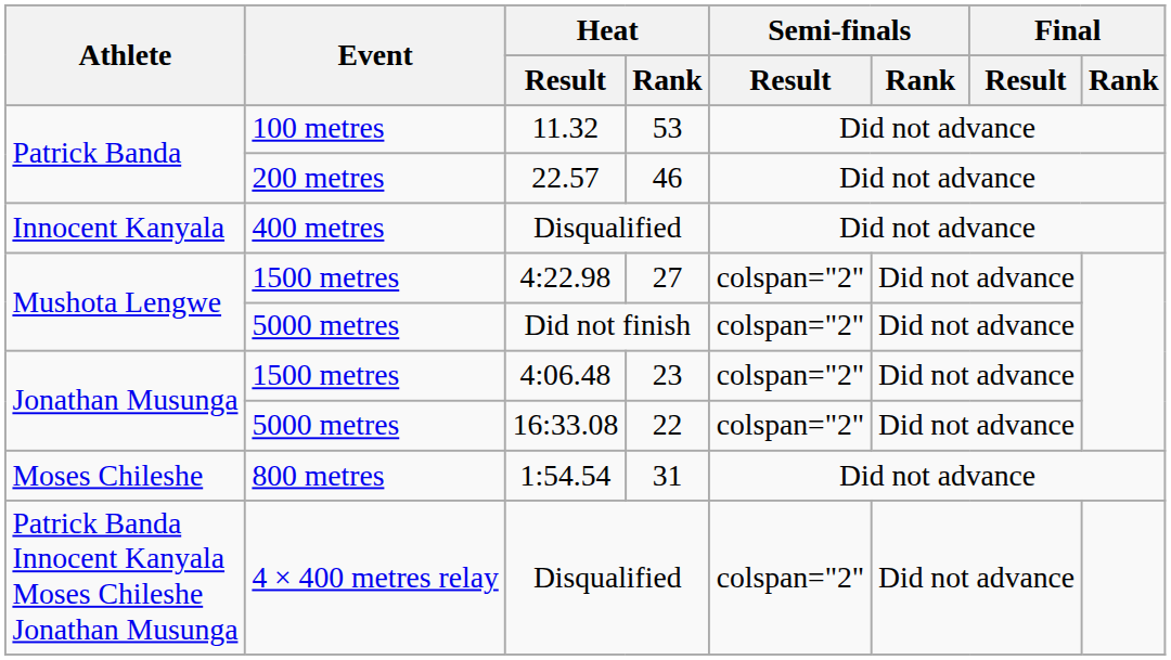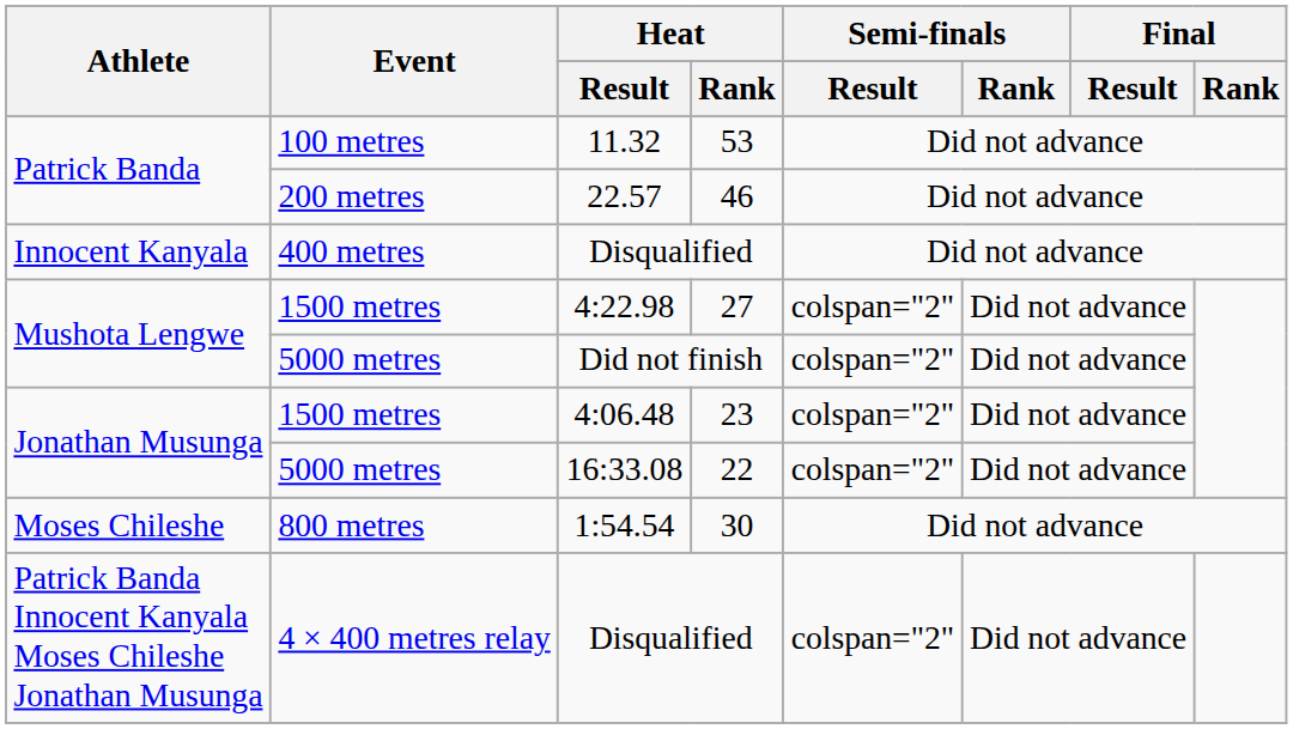 <table class="wikitable" style="font-size:90%; text-align:center">
 <tr>
 <th rowspan="2">Athlete</th>
 <th rowspan="2">Event</th>
 <th colspan="2">Heat</th>
 <th colspan="2">Semi-finals</th>
 <th colspan="2">Final</th>
 </tr>
 <tr>
 <th>Result</th>
 <th>Rank</th>
 <th>Result</th>
 <th>Rank</th>
 <th>Result</th>
 <th>Rank</th>
 </tr>
 <tr>
 <td align="left" rowspan=2><a href='#'>Patrick Banda</a></td>
 <td align="left"><a href='#'>100 metres</a></td>
 <td>11.32</td>
 <td>53</td>
 <td colspan="4">Did not advance</td>
 </tr>
 <tr>
 <td align="left"><a href='#'>200 metres</a></td>
 <td>22.57 </td>
 <td>46</td>
 <td colspan="4">Did not advance</td>
 </tr>
 <tr>
 <td align="left"><a href='#'>Innocent Kanyala</a></td>
 <td align="left"><a href='#'>400 metres</a></td>
 <td colspan="2">Disqualified</td>
 <td colspan="4">Did not advance</td>
 </tr>
 <tr>
 <td align="left" rowspan=2><a href='#'>Mushota Lengwe</a></td>
 <td align="left"><a href='#'>1500 metres</a></td>
 <td>4:22.98</td>
 <td>27</td>
 <td>colspan="2" </td>
 <td colspan="2">Did not advance</td>
 </tr>
 <tr>
 <td align="left"><a href='#'>5000 metres</a></td>
 <td colspan="2">Did not finish</td>
 <td>colspan="2" </td>
 <td colspan="2">Did not advance</td>
 </tr>
 <tr>
 <td align="left" rowspan=2><a href='#'>Jonathan Musunga</a></td>
 <td align="left"><a href='#'>1500 metres</a></td>
 <td>4:06.48</td>
 <td>23</td>
 <td>colspan="2" </td>
 <td colspan="2">Did not advance</td>
 </tr>
 <tr>
 <td align="left"><a href='#'>5000 metres</a></td>
 <td>16:33.08</td>
 <td>22</td>
 <td>colspan="2" </td>
 <td colspan="2">Did not advance</td>
 </tr>
 <tr>
 <td align="left"><a href='#'>Moses Chileshe</a></td>
 <td align="left"><a href='#'>800 metres</a></td>
 <td>1:54.54</td>
-<td>31</td>
+<td>30</td>
 <td colspan="4">Did not advance</td>
 </tr>
 <tr>
 <td align="left"><a href='#'>Patrick Banda</a><br><a href='#'>Innocent Kanyala</a><br><a href='#'>Moses Chileshe</a><br><a href='#'>Jonathan Musunga</a></td>
 <td align="left"><a href='#'>4 × 400 metres relay</a></td>
 <td colspan="2">Disqualified</td>
 <td>colspan="2" </td>
 <td colspan="2">Did not advance</td>
 </tr>
 </table>
